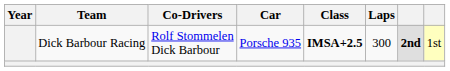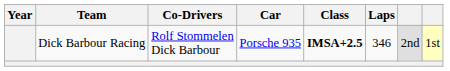 <table class="wikitable" style="text-align:center; font-size:90%">
 <tr>
 <th>Year</th>
 <th>Team</th>
 <th>Co-Drivers</th>
 <th>Car</th>
 <th>Class</th>
 <th>Laps</th>
 <th></th>
 <th></th>
 </tr>
 <tr>
 <th></th>
 <td align="left"> Dick Barbour Racing</td>
 <td align="left"> <a href='#'>Rolf Stommelen</a><br> Dick Barbour</td>
 <td align="left"><a href='#'>Porsche 935</a></td>
 <td><strong>IMSA+2.5</strong></td>
-<td>300</td>
-<td style="background:#DFDFDF;"><strong>2nd</strong></td>
+<td>346</td>
+<td style="background:#DFDFDF;">2nd</td>
 <td style="background:#FFFFBF;">1st</td>
 </tr>
 <tr>
 <th colspan="8"></th>
 </tr>
 </table>
